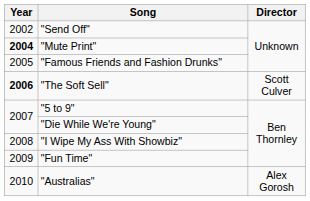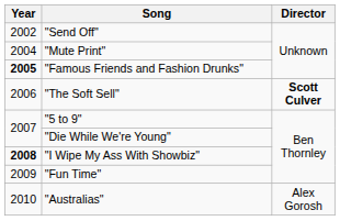 <table class="wikitable" style=text-align:center;>
 <tr>
 <th width="44">Year</th>
 <th width="310">Song</th>
 <th>Director</th>
 </tr>
 <tr>
 <td width="44">2002</td>
 <td align=left width="310">"Send Off"</td>
 <td rowspan="3" align="center" width="80">Unknown</td>
 </tr>
 <tr>
-<td width="44"><strong>2004</strong></td>
+<td width="44">2004</td>
 <td align=left width="310">"Mute Print"</td>
 </tr>
 <tr>
-<td width="44">2005</td>
+<td width="44"><strong>2005</strong></td>
 <td align=left width="310">"Famous Friends and Fashion Drunks"</td>
 </tr>
 <tr>
-<td width="44"><strong>2006</strong></td>
+<td width="44">2006</td>
 <td align=left width="310">"The Soft Sell"</td>
-<td align="center" width="80">Scott Culver</td>
+<td align="center" width="80"><strong>Scott Culver</strong></td>
 </tr>
 <tr>
 <td rowspan="2" width="44">2007</td>
 <td align=left width="310">"5 to 9"</td>
 <td rowspan="4" align="center" width="80">Ben Thornley</td>
 </tr>
 <tr>
 <td align=left width="310">"Die While We're Young"</td>
 </tr>
 <tr>
-<td width="44">2008</td>
+<td width="44"><strong>2008</strong></td>
 <td align=left width="310">"I Wipe My Ass With Showbiz"</td>
 </tr>
 <tr>
 <td width="44">2009</td>
 <td align=left width="310">"Fun Time"</td>
 </tr>
 <tr>
 <td width="44">2010</td>
 <td align=left width="310">"Australias"</td>
 <td lign="center" width="80">Alex Gorosh</td>
 </tr>
 </table>
